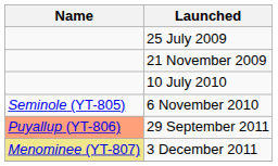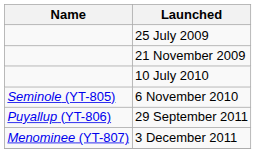 <table class = "wikitable">
 <tr>
 <th>Name</th>
 <th>Launched</th>
 </tr>
 <tr>
 <td></td>
 <td>25 July 2009</td>
 </tr>
 <tr>
 <td></td>
 <td>21 November 2009</td>
 </tr>
 <tr>
 <td></td>
 <td>10 July 2010</td>
 </tr>
 <tr>
 <td><a href='#'><em>Seminole</em> (YT-805)</a></td>
 <td>6 November 2010</td>
 </tr>
 <tr>
-<td style="background: lightsalmon;"><a href='#'><em>Puyallup</em> (YT-806)</a></td>
+<td><a href='#'><em>Puyallup</em> (YT-806)</a></td>
 <td>29 September 2011</td>
 </tr>
 <tr>
-<td style="background: khaki;"><a href='#'><em>Menominee</em> (YT-807)</a></td>
+<td><a href='#'><em>Menominee</em> (YT-807)</a></td>
 <td>3 December 2011</td>
 </tr>
 <tr>
 </tr>
 </table>
